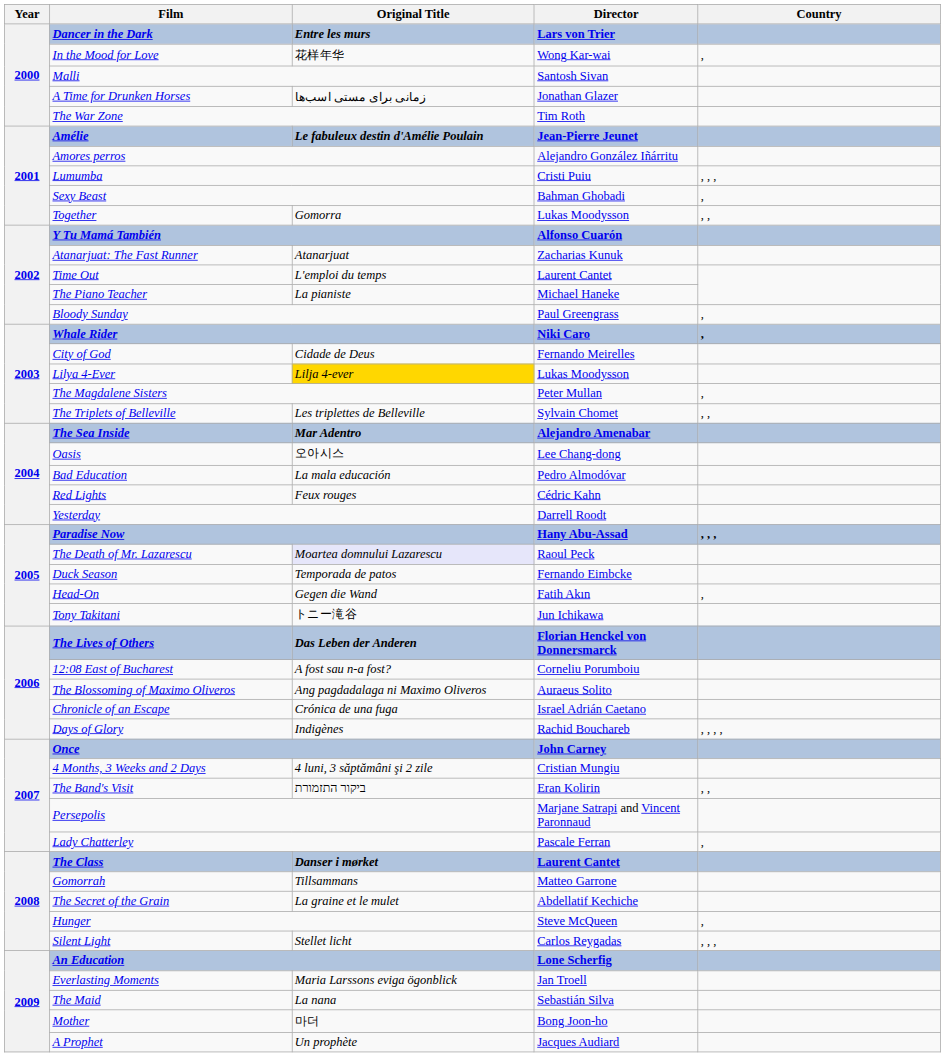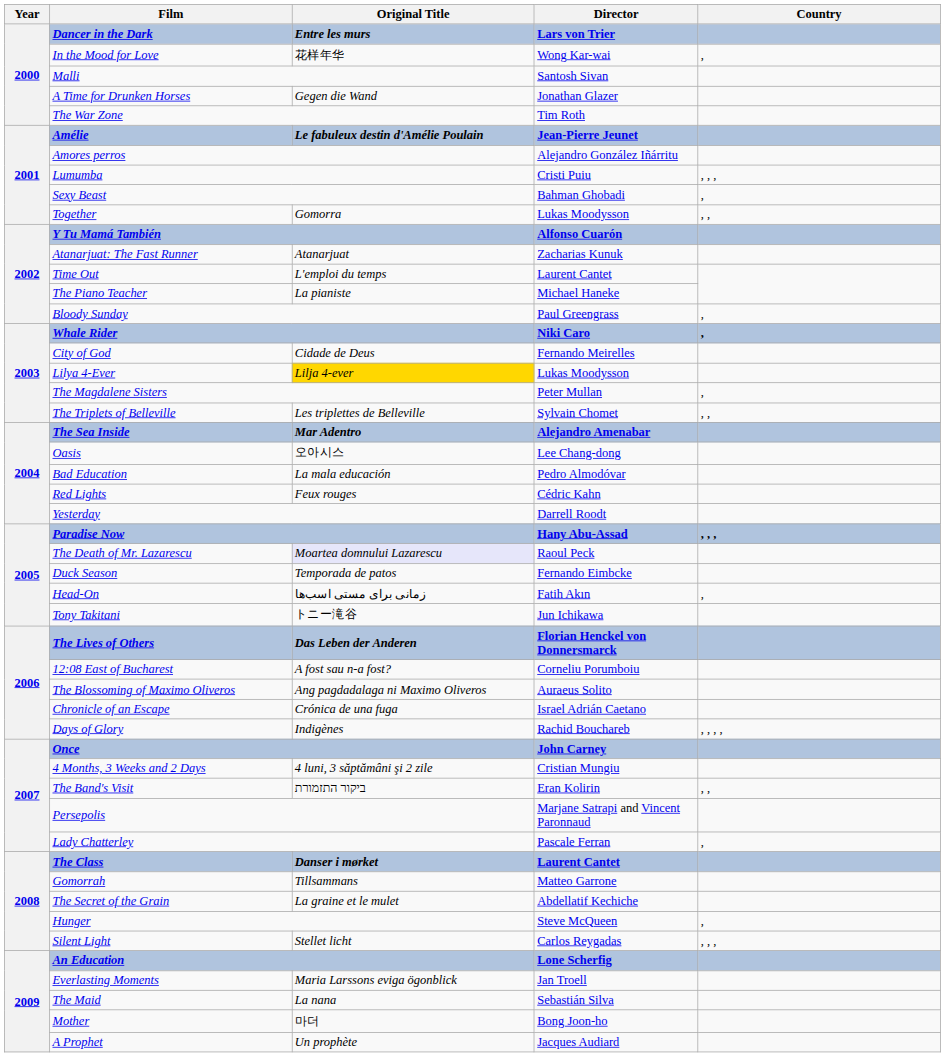 <table class="wikitable" width="95%" cellpadding="5">
 <tr>
 <th width="50">Year</th>
 <th width="300">Film</th>
 <th width="300">Original Title</th>
 <th width="200">Director</th>
 <th width="300">Country</th>
 </tr>
 <tr>
 <th rowspan="5" style="text-align:center;"><a href='#'>2000</a></th>
 <td style="background:#B0C4DE;"><strong><em><a href='#'>Dancer in the Dark</a></em></strong></td>
 <td style="background:#B0C4DE;"><strong><em>Entre les murs</em></strong></td>
 <td style="background:#B0C4DE;"><strong><a href='#'>Lars von Trier</a></strong></td>
 <td style="background:#B0C4DE;"><strong></strong></td>
 </tr>
 <tr>
 <td><em><a href='#'>In the Mood for Love</a></em></td>
 <td>花样年华</td>
 <td><a href='#'>Wong Kar-wai</a></td>
 <td>, </td>
 </tr>
 <tr>
 <td colspan="2"><em><a href='#'>Malli</a></em></td>
 <td><a href='#'>Santosh Sivan</a></td>
 <td></td>
 </tr>
 <tr>
 <td><em><a href='#'>A Time for Drunken Horses</a></em></td>
-<td>زمانی برای مستی اسب‌ها</td>
+<td><em>Gegen die Wand</em></td>
 <td><a href='#'>Jonathan Glazer</a></td>
 <td></td>
 </tr>
 <tr>
 <td colspan="2"><em><a href='#'>The War Zone</a></em></td>
 <td><a href='#'>Tim Roth</a></td>
 <td></td>
 </tr>
 <tr>
 <th rowspan="5" style="text-align:center;"><a href='#'>2001</a></th>
 <td style="background:#B0C4DE;"><strong><em><a href='#'>Amélie</a></em></strong></td>
 <td style="background:#B0C4DE;"><strong><em>Le fabuleux destin d'Amélie Poulain</em></strong></td>
 <td style="background:#B0C4DE;"><strong><a href='#'>Jean-Pierre Jeunet</a></strong></td>
 <td style="background:#B0C4DE;"><strong></strong></td>
 </tr>
 <tr>
 <td colspan="2"><em><a href='#'>Amores perros</a></em></td>
 <td><a href='#'>Alejandro González Iñárritu</a></td>
 <td></td>
 </tr>
 <tr>
 <td colspan="2"><em><a href='#'>Lumumba</a></em></td>
 <td><a href='#'>Cristi Puiu</a></td>
 <td>, , , </td>
 </tr>
 <tr>
 <td colspan="2"><em><a href='#'>Sexy Beast</a></em></td>
 <td><a href='#'>Bahman Ghobadi</a></td>
 <td>, </td>
 </tr>
 <tr>
 <td><em><a href='#'>Together</a></em></td>
 <td><em>Gomorra</em></td>
 <td><a href='#'>Lukas Moodysson</a></td>
 <td>, , </td>
 </tr>
 <tr>
 <th rowspan="5" style="text-align:center;"><a href='#'>2002</a></th>
 <td colspan="2" style="background:#B0C4DE;"><strong><em><a href='#'>Y Tu Mamá También</a></em></strong></td>
 <td style="background:#B0C4DE;"><strong><a href='#'>Alfonso Cuarón</a></strong></td>
 <td style="background:#B0C4DE;"><strong></strong></td>
 </tr>
 <tr>
 <td><em><a href='#'>Atanarjuat: The Fast Runner</a></em></td>
 <td><em>Atanarjuat</em></td>
 <td><a href='#'>Zacharias Kunuk</a></td>
 <td></td>
 </tr>
 <tr>
 <td><em><a href='#'>Time Out</a></em></td>
 <td><em>L'emploi du temps</em></td>
 <td><a href='#'>Laurent Cantet</a></td>
 <td rowspan="2"></td>
 </tr>
 <tr>
 <td><em><a href='#'>The Piano Teacher</a></em></td>
 <td><em>La pianiste</em></td>
 <td><a href='#'>Michael Haneke</a></td>
 </tr>
 <tr>
 <td colspan="2"><em><a href='#'>Bloody Sunday</a></em></td>
 <td><a href='#'>Paul Greengrass</a></td>
 <td>, </td>
 </tr>
 <tr>
 <th rowspan="5" style="text-align:center;"><a href='#'>2003</a></th>
 <td colspan="2" style="background:#B0C4DE;"><strong><em><a href='#'>Whale Rider</a></em></strong></td>
 <td style="background:#B0C4DE;"><strong><a href='#'>Niki Caro</a></strong></td>
 <td style="background:#B0C4DE;"><strong>, </strong></td>
 </tr>
 <tr>
 <td><em><a href='#'>City of God</a></em></td>
 <td><em>Cidade de Deus</em></td>
 <td><a href='#'>Fernando Meirelles</a></td>
 <td></td>
 </tr>
 <tr>
 <td><em><a href='#'>Lilya 4-Ever</a></em></td>
 <td style="background: gold;"><em>Lilja 4-ever</em></td>
 <td><a href='#'>Lukas Moodysson</a></td>
 <td></td>
 </tr>
 <tr>
 <td colspan="2"><em><a href='#'>The Magdalene Sisters</a></em></td>
 <td><a href='#'>Peter Mullan</a></td>
 <td>, </td>
 </tr>
 <tr>
 <td><em><a href='#'>The Triplets of Belleville</a></em></td>
 <td><em>Les triplettes de Belleville</em></td>
 <td><a href='#'>Sylvain Chomet</a></td>
 <td>, , </td>
 </tr>
 <tr>
 <th rowspan="5" style="text-align:center;"><a href='#'>2004</a></th>
 <td style="background:#B0C4DE;"><strong><em><a href='#'>The Sea Inside</a></em></strong></td>
 <td style="background:#B0C4DE;"><strong><em>Mar Adentro</em></strong></td>
 <td style="background:#B0C4DE;"><strong><a href='#'>Alejandro Amenabar</a></strong></td>
 <td style="background:#B0C4DE;"><strong></strong></td>
 </tr>
 <tr>
 <td><em><a href='#'>Oasis</a></em></td>
 <td>오아시스</td>
 <td><a href='#'>Lee Chang-dong</a></td>
 <td></td>
 </tr>
 <tr>
 <td><em><a href='#'>Bad Education</a></em></td>
 <td><em>La mala educación</em></td>
 <td><a href='#'>Pedro Almodóvar</a></td>
 <td></td>
 </tr>
 <tr>
 <td><em><a href='#'>Red Lights</a></em></td>
 <td><em>Feux rouges</em></td>
 <td><a href='#'>Cédric Kahn</a></td>
 <td></td>
 </tr>
 <tr>
 <td colspan="2"><em><a href='#'>Yesterday</a></em></td>
 <td><a href='#'>Darrell Roodt</a></td>
 <td></td>
 </tr>
 <tr>
 <th rowspan="5" style="text-align:center;"><a href='#'>2005</a></th>
 <td colspan="2" style="background:#B0C4DE;"><strong><em><a href='#'>Paradise Now</a></em></strong></td>
 <td style="background:#B0C4DE;"><strong><a href='#'>Hany Abu-Assad</a></strong></td>
 <td style="background:#B0C4DE;"><strong>, , , </strong></td>
 </tr>
 <tr>
 <td><em><a href='#'>The Death of Mr. Lazarescu</a></em></td>
 <td style="background: lavender;"><em>Moartea domnului Lazarescu</em></td>
 <td><a href='#'>Raoul Peck</a></td>
 <td></td>
 </tr>
 <tr>
 <td><em><a href='#'>Duck Season</a></em></td>
 <td><em>Temporada de patos</em></td>
 <td><a href='#'>Fernando Eimbcke</a></td>
 <td></td>
 </tr>
 <tr>
 <td><em><a href='#'>Head-On</a></em></td>
-<td><em>Gegen die Wand</em></td>
+<td>زمانی برای مستی اسب‌ها</td>
 <td><a href='#'>Fatih Akın</a></td>
 <td>, </td>
 </tr>
 <tr>
 <td><em><a href='#'>Tony Takitani</a></em></td>
 <td>トニー滝谷</td>
 <td><a href='#'>Jun Ichikawa</a></td>
 <td></td>
 </tr>
 <tr>
 <th rowspan="5" style="text-align:center;"><a href='#'>2006</a></th>
 <td style="background:#B0C4DE;"><strong><em><a href='#'>The Lives of Others</a></em></strong></td>
 <td style="background:#B0C4DE;"><strong><em>Das Leben der Anderen</em></strong></td>
 <td style="background:#B0C4DE;"><strong><a href='#'>Florian Henckel von Donnersmarck</a></strong></td>
 <td style="background:#B0C4DE;"><strong></strong></td>
 </tr>
 <tr>
 <td><em><a href='#'>12:08 East of Bucharest</a></em></td>
 <td><em>A fost sau n-a fost?</em></td>
 <td><a href='#'>Corneliu Porumboiu</a></td>
 <td></td>
 </tr>
 <tr>
 <td><em><a href='#'>The Blossoming of Maximo Oliveros</a></em></td>
 <td><em>Ang pagdadalaga ni Maximo Oliveros</em></td>
 <td><a href='#'>Auraeus Solito</a></td>
 <td></td>
 </tr>
 <tr>
 <td><em><a href='#'>Chronicle of an Escape</a></em></td>
 <td><em>Crónica de una fuga</em></td>
 <td><a href='#'>Israel Adrián Caetano</a></td>
 <td></td>
 </tr>
 <tr>
 <td><em><a href='#'>Days of Glory</a></em></td>
 <td><em>Indigènes</em></td>
 <td><a href='#'>Rachid Bouchareb</a></td>
 <td>, , , , </td>
 </tr>
 <tr>
 <th rowspan="5" style="text-align:center;"><a href='#'>2007</a></th>
 <td colspan="2" style="background:#B0C4DE;"><strong><em><a href='#'>Once</a></em></strong></td>
 <td style="background:#B0C4DE;"><strong><a href='#'>John Carney</a></strong></td>
 <td style="background:#B0C4DE;"><strong></strong></td>
 </tr>
 <tr>
 <td><em><a href='#'>4 Months, 3 Weeks and 2 Days</a></em></td>
 <td><em>4 luni, 3 săptămâni şi 2 zile</em></td>
 <td><a href='#'>Cristian Mungiu</a></td>
 <td></td>
 </tr>
 <tr>
 <td><em><a href='#'>The Band's Visit</a></em></td>
 <td>ביקור התזמורת</td>
 <td><a href='#'>Eran Kolirin</a></td>
 <td>, , </td>
 </tr>
 <tr>
 <td colspan="2"><em><a href='#'>Persepolis</a></em></td>
 <td><a href='#'>Marjane Satrapi</a> and <a href='#'>Vincent Paronnaud</a></td>
 <td></td>
 </tr>
 <tr>
 <td colspan="2"><em><a href='#'>Lady Chatterley</a></em></td>
 <td><a href='#'>Pascale Ferran</a></td>
 <td>, </td>
 </tr>
 <tr>
 <th rowspan="5" style="text-align:center;"><a href='#'>2008</a></th>
 <td style="background:#B0C4DE;"><strong><em><a href='#'>The Class</a></em></strong></td>
 <td style="background:#B0C4DE;"><strong><em>Danser i mørket</em></strong></td>
 <td style="background:#B0C4DE;"><strong><a href='#'>Laurent Cantet</a></strong></td>
 <td style="background:#B0C4DE;"><strong></strong></td>
 </tr>
 <tr>
 <td><em><a href='#'>Gomorrah</a></em></td>
 <td><em>Tillsammans</em></td>
 <td><a href='#'>Matteo Garrone</a></td>
 <td></td>
 </tr>
 <tr>
 <td><em><a href='#'>The Secret of the Grain</a></em></td>
 <td><em>La graine et le mulet</em></td>
 <td><a href='#'>Abdellatif Kechiche</a></td>
 <td></td>
 </tr>
 <tr>
 <td colspan="2"><em><a href='#'>Hunger</a></em></td>
 <td><a href='#'>Steve McQueen</a></td>
 <td>, </td>
 </tr>
 <tr>
 <td><em><a href='#'>Silent Light</a></em></td>
 <td><em>Stellet licht</em></td>
 <td><a href='#'>Carlos Reygadas</a></td>
 <td>, , , </td>
 </tr>
 <tr>
 <th rowspan="5" style="text-align:center;"><a href='#'>2009</a></th>
 <td colspan="2" style="background:#B0C4DE;"><strong><em><a href='#'>An Education</a></em></strong></td>
 <td style="background:#B0C4DE;"><strong><a href='#'>Lone Scherfig</a></strong></td>
 <td style="background:#B0C4DE;"><strong></strong></td>
 </tr>
 <tr>
 <td><em><a href='#'>Everlasting Moments</a></em></td>
 <td><em>Maria Larssons eviga ögonblick</em></td>
 <td><a href='#'>Jan Troell</a></td>
 <td></td>
 </tr>
 <tr>
 <td><em><a href='#'>The Maid</a></em></td>
 <td><em>La nana</em></td>
 <td><a href='#'>Sebastián Silva</a></td>
 <td></td>
 </tr>
 <tr>
 <td><em><a href='#'>Mother</a></em></td>
 <td>마더</td>
 <td><a href='#'>Bong Joon-ho</a></td>
 <td></td>
 </tr>
 <tr>
 <td><em><a href='#'>A Prophet</a></em></td>
 <td><em>Un prophète</em></td>
 <td><a href='#'>Jacques Audiard</a></td>
 <td></td>
 </tr>
 </table>
